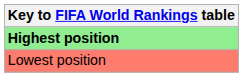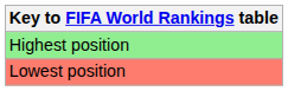 <table class="wikitable">
 <tr>
 <th>Key to <a href='#'>FIFA World Rankings</a> table</th>
 </tr>
 <tr style="background:#90ee90;">
-<td><strong>Highest position</strong></td>
+<td>Highest position</td>
 </tr>
 <tr style="background:#fd7c6e;">
 <td>Lowest position</td>
 </tr>
 </table>
